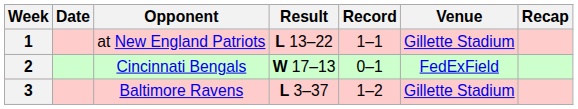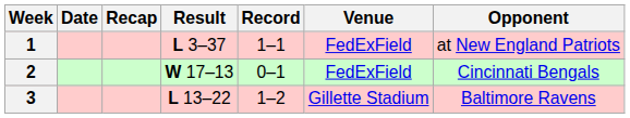 <table class="wikitable" style="text-align:center">
 <tr>
 <th>Week</th>
 <th>Date</th>
-<th>Opponent</th>
+<th>Recap</th>
 <th>Result</th>
 <th>Record</th>
 <th>Venue</th>
-<th>Recap</th>
+<th>Opponent</th>
 </tr>
 <tr style="background:#fcc">
 <th>1</th>
 <td></td>
+<td></td>
+<td><strong>L</strong> 3–37</td>
+<td>1–1</td>
+<td><a href='#'>FedExField</a></td>
 <td>at <a href='#'>New England Patriots</a></td>
-<td><strong>L</strong> 13–22</td>
-<td>1–1</td>
-<td><a href='#'>Gillette Stadium</a></td>
-<td></td>
 </tr>
 <tr style="background:#cfc">
 <th>2</th>
 <td></td>
-<td><a href='#'>Cincinnati Bengals</a></td>
+<td></td>
 <td><strong>W</strong> 17–13</td>
 <td>0–1</td>
 <td><a href='#'>FedExField</a></td>
-<td></td>
+<td><a href='#'>Cincinnati Bengals</a></td>
 </tr>
 <tr style="background:#fcc">
 <th>3</th>
 <td></td>
-<td><a href='#'>Baltimore Ravens</a></td>
-<td><strong>L</strong> 3–37</td>
+<td></td>
+<td><strong>L</strong> 13–22</td>
 <td>1–2</td>
 <td><a href='#'>Gillette Stadium</a></td>
-<td></td>
+<td><a href='#'>Baltimore Ravens</a></td>
 </tr>
 </table>
